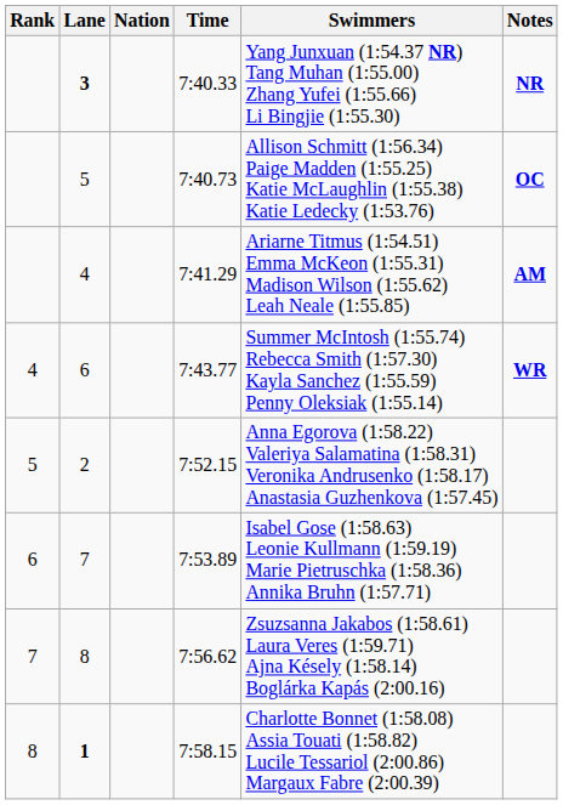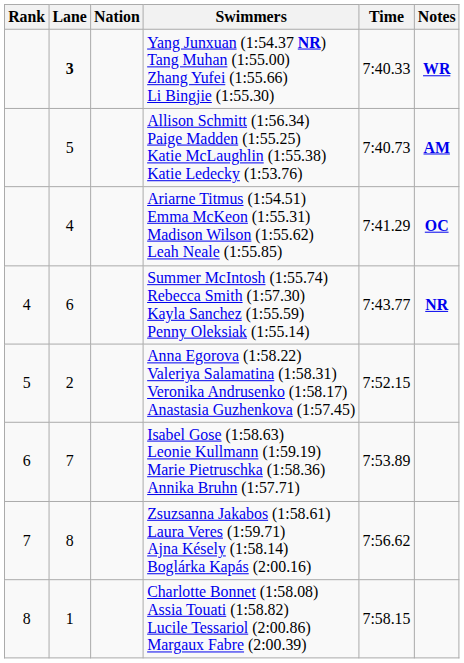 <table class="wikitable sortable" style="text-align:center">
 <tr>
 <th>Rank</th>
 <th>Lane</th>
 <th>Nation</th>
+<th>Swimmers</th>
 <th>Time</th>
-<th>Swimmers</th>
 <th>Notes</th>
 </tr>
 <tr>
 <td></td>
 <td><strong>3</strong></td>
 <td align=left></td>
+<td align=left><a href='#'>Yang Junxuan</a> (1:54.37 <strong><a href='#'>NR</a></strong>)<br><a href='#'>Tang Muhan</a> (1:55.00)<br><a href='#'>Zhang Yufei</a> (1:55.66)<br><a href='#'>Li Bingjie</a> (1:55.30)</td>
 <td>7:40.33</td>
-<td align=left><a href='#'>Yang Junxuan</a> (1:54.37 <strong><a href='#'>NR</a></strong>)<br><a href='#'>Tang Muhan</a> (1:55.00)<br><a href='#'>Zhang Yufei</a> (1:55.66)<br><a href='#'>Li Bingjie</a> (1:55.30)</td>
-<td><strong><a href='#'>NR</a></strong></td>
+<td><strong><a href='#'>WR</a></strong></td>
 </tr>
 <tr>
 <td></td>
 <td>5</td>
 <td align=left></td>
+<td align=left><a href='#'>Allison Schmitt</a> (1:56.34)<br><a href='#'>Paige Madden</a> (1:55.25)<br><a href='#'>Katie McLaughlin</a> (1:55.38)<br><a href='#'>Katie Ledecky</a> (1:53.76)</td>
 <td>7:40.73</td>
-<td align=left><a href='#'>Allison Schmitt</a> (1:56.34)<br><a href='#'>Paige Madden</a> (1:55.25)<br><a href='#'>Katie McLaughlin</a> (1:55.38)<br><a href='#'>Katie Ledecky</a> (1:53.76)</td>
-<td><strong><a href='#'>OC</a></strong></td>
+<td><strong><a href='#'>AM</a></strong></td>
 </tr>
 <tr>
 <td></td>
 <td>4</td>
 <td align=left></td>
+<td align=left><a href='#'>Ariarne Titmus</a> (1:54.51)<br><a href='#'>Emma McKeon</a> (1:55.31)<br><a href='#'>Madison Wilson</a> (1:55.62)<br><a href='#'>Leah Neale</a> (1:55.85)</td>
 <td>7:41.29</td>
-<td align=left><a href='#'>Ariarne Titmus</a> (1:54.51)<br><a href='#'>Emma McKeon</a> (1:55.31)<br><a href='#'>Madison Wilson</a> (1:55.62)<br><a href='#'>Leah Neale</a> (1:55.85)</td>
-<td><strong><a href='#'>AM</a></strong></td>
+<td><strong><a href='#'>OC</a></strong></td>
 </tr>
 <tr>
 <td>4</td>
 <td>6</td>
 <td align=left></td>
+<td align=left><a href='#'>Summer McIntosh</a> (1:55.74)<br><a href='#'>Rebecca Smith</a> (1:57.30)<br><a href='#'>Kayla Sanchez</a> (1:55.59)<br><a href='#'>Penny Oleksiak</a> (1:55.14)</td>
 <td>7:43.77</td>
-<td align=left><a href='#'>Summer McIntosh</a> (1:55.74)<br><a href='#'>Rebecca Smith</a> (1:57.30)<br><a href='#'>Kayla Sanchez</a> (1:55.59)<br><a href='#'>Penny Oleksiak</a> (1:55.14)</td>
-<td><strong><a href='#'>WR</a></strong></td>
+<td><strong><a href='#'>NR</a></strong></td>
 </tr>
 <tr>
 <td>5</td>
 <td>2</td>
 <td align=left></td>
+<td align=left><a href='#'>Anna Egorova</a> (1:58.22)<br><a href='#'>Valeriya Salamatina</a> (1:58.31)<br><a href='#'>Veronika Andrusenko</a> (1:58.17)<br><a href='#'>Anastasia Guzhenkova</a> (1:57.45)</td>
 <td>7:52.15</td>
-<td align=left><a href='#'>Anna Egorova</a> (1:58.22)<br><a href='#'>Valeriya Salamatina</a> (1:58.31)<br><a href='#'>Veronika Andrusenko</a> (1:58.17)<br><a href='#'>Anastasia Guzhenkova</a> (1:57.45)</td>
 <td></td>
 </tr>
 <tr>
 <td>6</td>
 <td>7</td>
 <td align=left></td>
+<td align=left><a href='#'>Isabel Gose</a> (1:58.63)<br><a href='#'>Leonie Kullmann</a> (1:59.19)<br><a href='#'>Marie Pietruschka</a> (1:58.36)<br><a href='#'>Annika Bruhn</a> (1:57.71)</td>
 <td>7:53.89</td>
-<td align=left><a href='#'>Isabel Gose</a> (1:58.63)<br><a href='#'>Leonie Kullmann</a> (1:59.19)<br><a href='#'>Marie Pietruschka</a> (1:58.36)<br><a href='#'>Annika Bruhn</a> (1:57.71)</td>
 <td></td>
 </tr>
 <tr>
 <td>7</td>
 <td>8</td>
 <td align=left></td>
+<td align=left><a href='#'>Zsuzsanna Jakabos</a> (1:58.61)<br><a href='#'>Laura Veres</a> (1:59.71)<br><a href='#'>Ajna Késely</a> (1:58.14)<br><a href='#'>Boglárka Kapás</a> (2:00.16)</td>
 <td>7:56.62</td>
-<td align=left><a href='#'>Zsuzsanna Jakabos</a> (1:58.61)<br><a href='#'>Laura Veres</a> (1:59.71)<br><a href='#'>Ajna Késely</a> (1:58.14)<br><a href='#'>Boglárka Kapás</a> (2:00.16)</td>
 <td></td>
 </tr>
 <tr>
 <td>8</td>
-<td><strong>1</strong></td>
+<td>1</td>
 <td align=left></td>
+<td align=left><a href='#'>Charlotte Bonnet</a> (1:58.08)<br><a href='#'>Assia Touati</a> (1:58.82)<br><a href='#'>Lucile Tessariol</a> (2:00.86)<br><a href='#'>Margaux Fabre</a> (2:00.39)</td>
 <td>7:58.15</td>
-<td align=left><a href='#'>Charlotte Bonnet</a> (1:58.08)<br><a href='#'>Assia Touati</a> (1:58.82)<br><a href='#'>Lucile Tessariol</a> (2:00.86)<br><a href='#'>Margaux Fabre</a> (2:00.39)</td>
 <td></td>
 </tr>
 </table>
